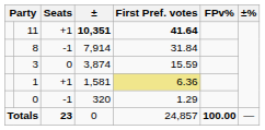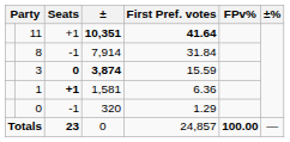 <table class=wikitable>
 <tr>
 <th colspan=2 align=center>Party</th>
 <th valign=top>Seats</th>
 <th valign=top>±</th>
 <th valign=top>First Pref. votes</th>
 <th valign=top>FPv%</th>
 <th valign=top>±%</th>
 </tr>
 <tr>
 <td></td>
 <td align=right>11</td>
 <td align=right>+1</td>
 <td align=right><strong>10,351</strong></td>
 <td align=right><strong>41.64</strong></td>
 <td align=right></td>
 </tr>
 <tr>
 <td></td>
 <td align=right>8</td>
 <td align=right>-1</td>
 <td align=right>7,914</td>
 <td align=right>31.84</td>
 <td align=right></td>
 </tr>
 <tr>
 <td></td>
 <td align=right>3</td>
-<td align=right>0</td>
-<td align=right>3,874</td>
+<td align=right><strong>0</strong></td>
+<td align=right><strong>3,874</strong></td>
 <td align=right>15.59</td>
 <td align=right></td>
 </tr>
 <tr>
 <td></td>
 <td align=right>1</td>
-<td align=right>+1</td>
+<td align=right><strong>+1</strong></td>
 <td align=right>1,581</td>
-<td align=right style="background: khaki;">6.36</td>
+<td align=right>6.36</td>
 <td align=right></td>
 </tr>
 <tr>
 <td></td>
 <td align=right>0</td>
 <td align=right>-1</td>
 <td align=right>320</td>
 <td align=right>1.29</td>
 <td align=right></td>
 </tr>
 <tr>
 <td colspan=2 align=center><strong>Totals</strong></td>
 <td align=right><strong>23</strong></td>
 <td align=center>0</td>
 <td align=right>24,857</td>
 <td align=center><strong>100.00</strong></td>
 <td align=center>—</td>
 </tr>
 </table>
